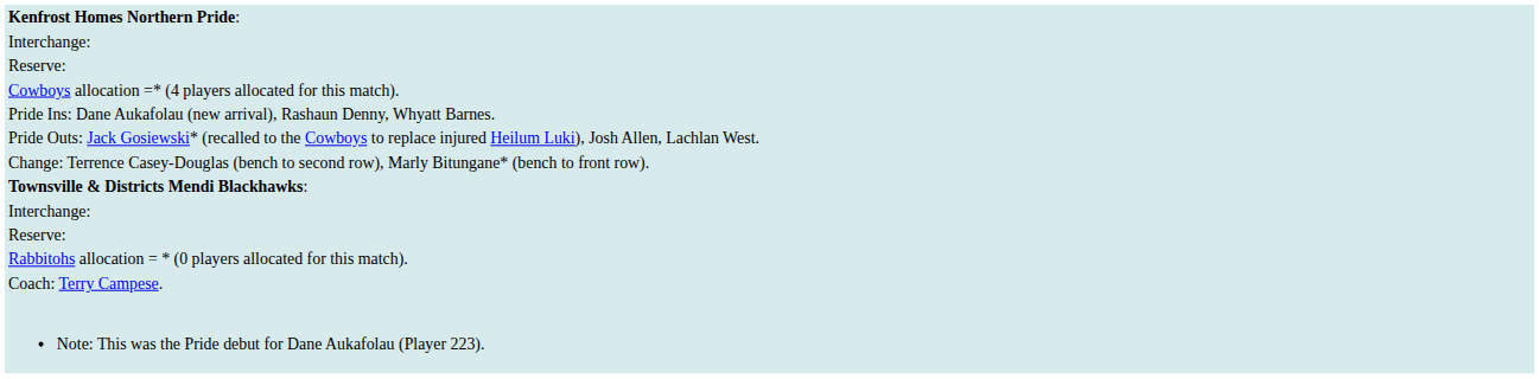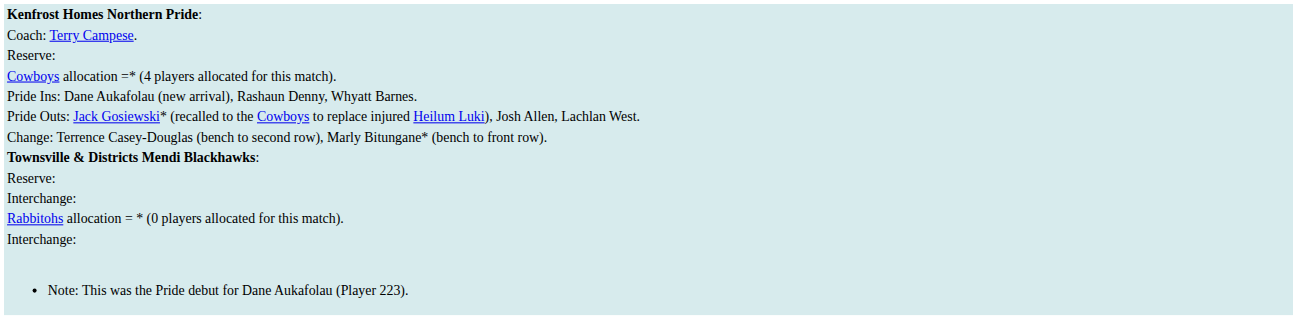 <table style="background:#d7ebed; font-size:85%; width:100%;">
 <tr>
 <td><strong>Kenfrost Homes Northern Pride</strong>:             </td>
 </tr>
 <tr>
-<td>Interchange:    </td>
+<td>Coach: <a href='#'>Terry Campese</a>.</td>
 </tr>
 <tr>
 <td>Reserve: </td>
 </tr>
 <tr>
 <td><a href='#'>Cowboys</a> allocation =* (4 players allocated for this match).</td>
 </tr>
 <tr>
 <td>Pride Ins: Dane Aukafolau (new arrival), Rashaun Denny, Whyatt Barnes.</td>
 </tr>
 <tr>
 <td>Pride Outs: <a href='#'>Jack Gosiewski</a>* (recalled to the <a href='#'>Cowboys</a> to replace injured <a href='#'>Heilum Luki</a>), Josh Allen, Lachlan West.</td>
 </tr>
 <tr>
 <td>Change: Terrence Casey-Douglas (bench to second row), Marly Bitungane* (bench to front row).</td>
 </tr>
 <tr>
 <td><strong>Townsville & Districts Mendi Blackhawks</strong>:             </td>
 </tr>
 <tr>
-<td>Interchange:    </td>
+<td>Reserve: </td>
 </tr>
 <tr>
-<td>Reserve: </td>
+<td>Interchange:    </td>
 </tr>
 <tr>
 <td><a href='#'>Rabbitohs</a> allocation = * (0 players allocated for this match).</td>
 </tr>
 <tr>
-<td>Coach: <a href='#'>Terry Campese</a>.</td>
+<td>Interchange:    </td>
 </tr>
 <tr>
 <td><br><ul><li>Note: This was the Pride debut for Dane Aukafolau (Player 223).</li></ul></td>
 </tr>
 </table>
